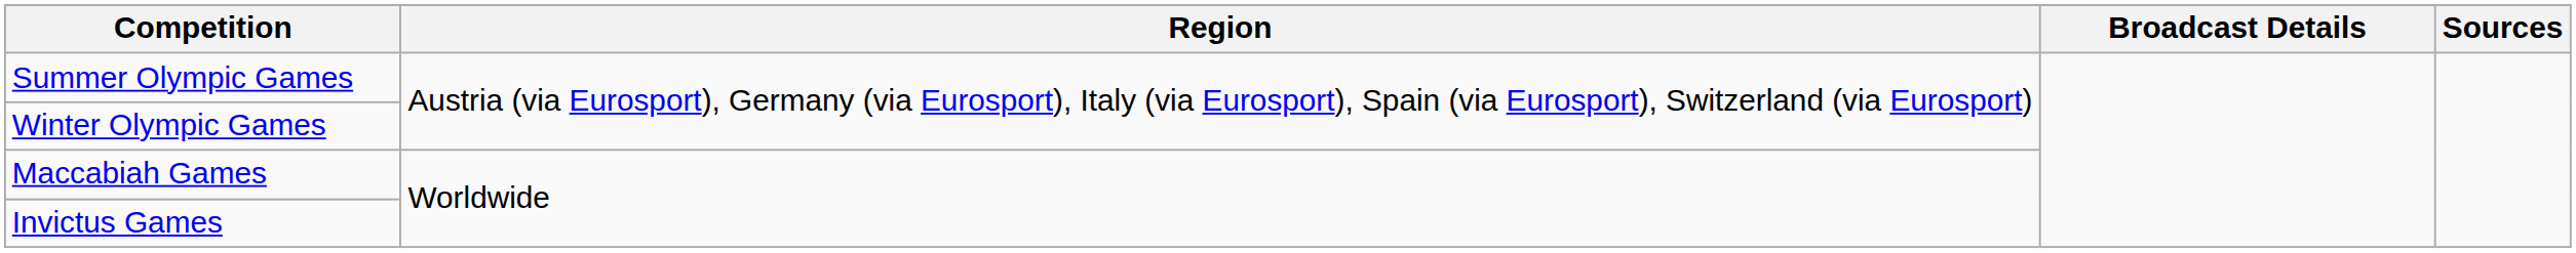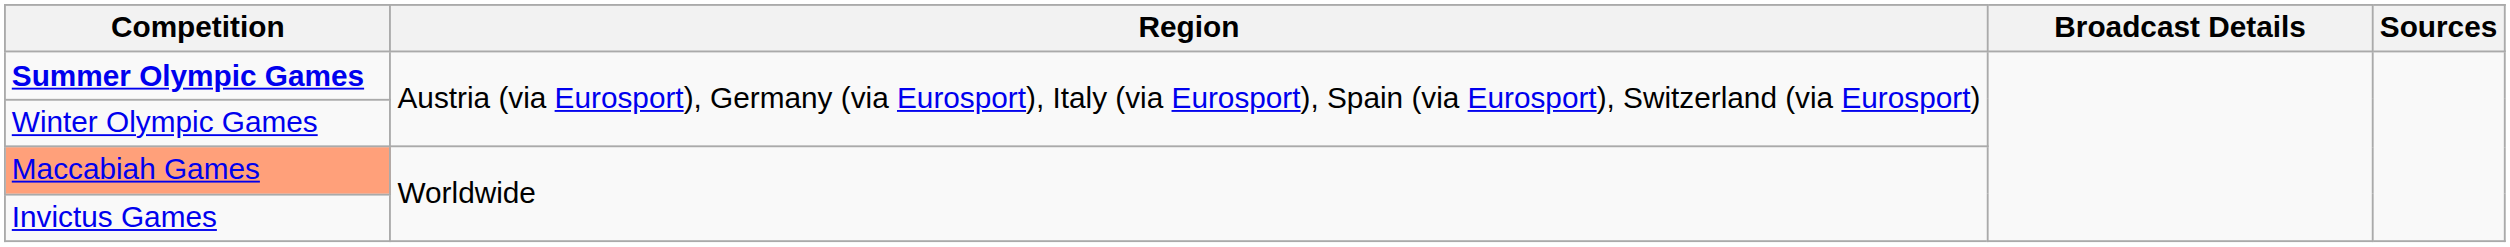 <table class="wikitable">
 <tr>
 <th width="200">Competition</th>
 <th>Region</th>
 <th width="200">Broadcast Details</th>
 <th>Sources</th>
 </tr>
 <tr>
-<td><a href='#'>Summer Olympic Games</a></td>
+<td><strong><a href='#'>Summer Olympic Games</a></strong></td>
 <td rowspan="2">Austria (via <a href='#'>Eurosport</a>), Germany (via <a href='#'>Eurosport</a>), Italy (via <a href='#'>Eurosport</a>), Spain (via <a href='#'>Eurosport</a>), Switzerland (via <a href='#'>Eurosport</a>)</td>
 <td rowspan="4"></td>
 </tr>
 <tr>
 <td><a href='#'>Winter Olympic Games</a></td>
 </tr>
 <tr>
-<td><a href='#'>Maccabiah Games</a></td>
+<td style="background: lightsalmon;"><a href='#'>Maccabiah Games</a></td>
 <td rowspan="2">Worldwide</td>
 </tr>
 <tr>
 <td><a href='#'>Invictus Games</a></td>
 </tr>
 </table>
